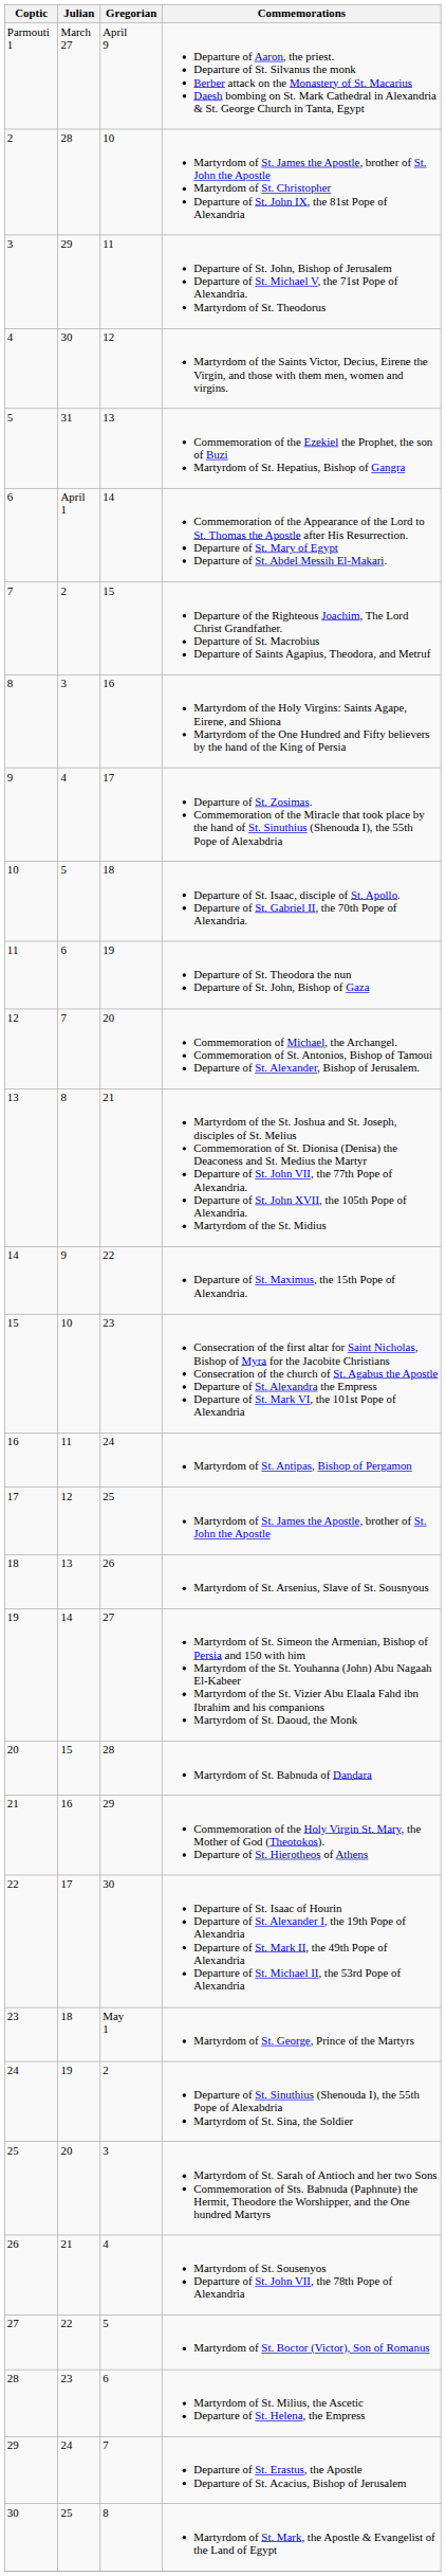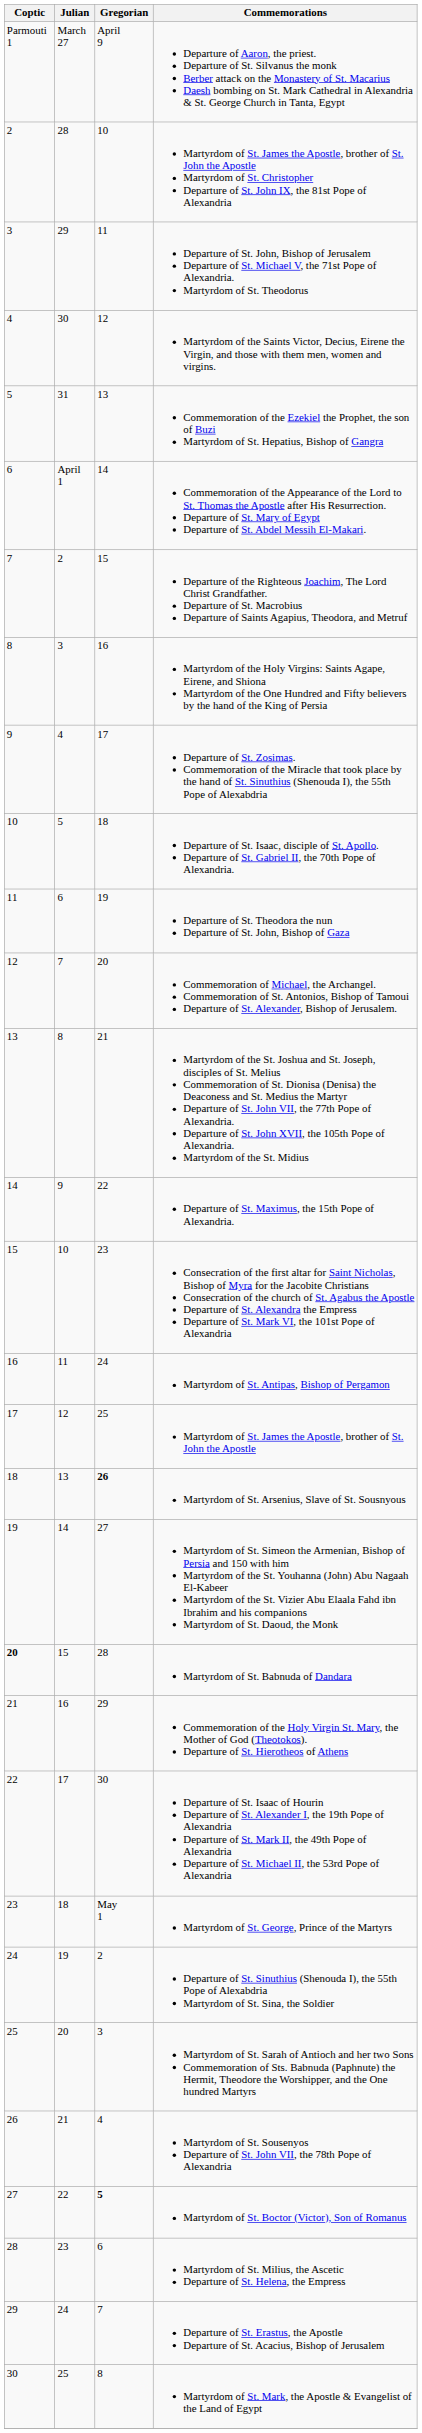 <table class="wikitable">
 <tr>
 <th style="width:5%;">Coptic</th>
 <th style="width:5%;">Julian</th>
 <th style="width:5%;">Gregorian</th>
 <th style="width:50%;">Commemorations</th>
 </tr>
 <tr valign="top">
 <td>Parmouti<br>1</td>
 <td>March<br>27</td>
 <td>April<br>9</td>
 <td><br><ul><li>Departure of <a href='#'>Aaron</a>, the priest.</li><li>Departure of St. Silvanus the monk</li><li><a href='#'>Berber</a> attack on the <a href='#'>Monastery of St. Macarius</a></li><li><a href='#'>Daesh</a> bombing on St. Mark Cathedral in Alexandria & St. George Church in Tanta, Egypt</li></ul></td>
 </tr>
 <tr valign="top">
 <td>2</td>
 <td>28</td>
 <td>10</td>
 <td><br><ul><li>Martyrdom of <a href='#'>St. James the Apostle</a>, brother of <a href='#'>St. John the Apostle</a></li><li>Martyrdom of <a href='#'>St. Christopher</a></li><li>Departure of <a href='#'>St. John IX</a>, the 81st Pope of Alexandria</li></ul></td>
 </tr>
 <tr valign="top">
 <td>3</td>
 <td>29</td>
 <td>11</td>
 <td><br><ul><li>Departure of St. John, Bishop of Jerusalem</li><li>Departure of <a href='#'>St. Michael V</a>, the 71st Pope of Alexandria.</li><li>Martyrdom of St. Theodorus</li></ul></td>
 </tr>
 <tr valign="top">
 <td>4</td>
 <td>30</td>
 <td>12</td>
 <td><br><ul><li>Martyrdom of the Saints Victor, Decius, Eirene the Virgin, and those with them men, women and virgins.</li></ul></td>
 </tr>
 <tr valign="top">
 <td>5</td>
 <td>31</td>
 <td>13</td>
 <td><br><ul><li>Commemoration of the <a href='#'>Ezekiel</a> the Prophet, the son of <a href='#'>Buzi</a></li><li>Martyrdom of St. Hepatius, Bishop of <a href='#'>Gangra</a></li></ul></td>
 </tr>
 <tr valign="top">
 <td>6</td>
 <td>April<br>1</td>
 <td>14</td>
 <td><br><ul><li>Commemoration of the Appearance of the Lord to <a href='#'>St. Thomas the Apostle</a> after His Resurrection.</li><li>Departure of <a href='#'>St. Mary of Egypt</a></li><li>Departure of <a href='#'>St. Abdel Messih El-Makari</a>.</li></ul></td>
 </tr>
 <tr valign="top">
 <td>7</td>
 <td>2</td>
 <td>15</td>
 <td><br><ul><li>Departure of the Righteous <a href='#'>Joachim</a>, The Lord Christ Grandfather.</li><li>Departure of St. Macrobius</li><li>Departure of Saints Agapius, Theodora, and Metruf</li></ul></td>
 </tr>
 <tr valign="top">
 <td>8</td>
 <td>3</td>
 <td>16</td>
 <td><br><ul><li>Martyrdom of the Holy Virgins: Saints Agape, Eirene, and Shiona</li><li>Martyrdom of the One Hundred and Fifty believers by the hand of the King of Persia</li></ul></td>
 </tr>
 <tr valign="top">
 <td>9</td>
 <td>4</td>
 <td>17</td>
 <td><br><ul><li>Departure of <a href='#'>St. Zosimas</a>.</li><li>Commemoration of the Miracle that took place by the hand of <a href='#'>St. Sinuthius</a> (Shenouda I), the 55th Pope of Alexabdria</li></ul></td>
 </tr>
 <tr valign="top">
 <td>10</td>
 <td>5</td>
 <td>18</td>
 <td><br><ul><li>Departure of St. Isaac, disciple of <a href='#'>St. Apollo</a>.</li><li>Departure of <a href='#'>St. Gabriel II</a>, the 70th Pope of Alexandria.</li></ul></td>
 </tr>
 <tr valign="top">
 <td>11</td>
 <td>6</td>
 <td>19</td>
 <td><br><ul><li>Departure of St. Theodora the nun</li><li>Departure of St. John, Bishop of <a href='#'>Gaza</a></li></ul></td>
 </tr>
 <tr valign="top">
 <td>12</td>
 <td>7</td>
 <td>20</td>
 <td><br><ul><li>Commemoration of <a href='#'>Michael</a>, the Archangel.</li><li>Commemoration of St. Antonios, Bishop of Tamoui</li><li>Departure of <a href='#'>St. Alexander</a>, Bishop of Jerusalem.</li></ul></td>
 </tr>
 <tr valign="top">
 <td>13</td>
 <td>8</td>
 <td>21</td>
 <td><br><ul><li>Martyrdom of the St. Joshua and St. Joseph, disciples of St. Melius</li><li>Commemoration of St. Dionisa (Denisa) the Deaconess and St. Medius the Martyr</li><li>Departure of <a href='#'>St. John VII</a>, the 77th Pope of Alexandria.</li><li>Departure of <a href='#'>St. John XVII</a>, the 105th Pope of Alexandria.</li><li>Martyrdom of the St. Midius</li></ul></td>
 </tr>
 <tr valign="top">
 <td>14</td>
 <td>9</td>
 <td>22</td>
 <td><br><ul><li>Departure of <a href='#'>St. Maximus</a>, the 15th Pope of Alexandria.</li></ul></td>
 </tr>
 <tr valign="top">
 <td>15</td>
 <td>10</td>
 <td>23</td>
 <td><br><ul><li>Consecration of the first altar for <a href='#'>Saint Nicholas</a>, Bishop of <a href='#'>Myra</a> for the Jacobite Christians</li><li>Consecration of the church of <a href='#'>St. Agabus the Apostle</a></li><li>Departure of <a href='#'>St. Alexandra</a> the Empress</li><li>Departure of <a href='#'>St. Mark VI</a>, the 101st Pope of Alexandria</li></ul></td>
 </tr>
 <tr valign="top">
 <td>16</td>
 <td>11</td>
 <td>24</td>
 <td><br><ul><li>Martyrdom of <a href='#'>St. Antipas</a>, <a href='#'>Bishop of Pergamon</a></li></ul></td>
 </tr>
 <tr valign="top">
 <td>17</td>
 <td>12</td>
 <td>25</td>
 <td><br><ul><li>Martyrdom of <a href='#'>St. James the Apostle</a>, brother of <a href='#'>St. John the Apostle</a></li></ul></td>
 </tr>
 <tr valign="top">
 <td>18</td>
 <td>13</td>
-<td>26</td>
+<td><strong>26</strong></td>
 <td><br><ul><li>Martyrdom of St. Arsenius, Slave of St. Sousnyous</li></ul></td>
 </tr>
 <tr valign="top">
 <td>19</td>
 <td>14</td>
 <td>27</td>
 <td><br><ul><li>Martyrdom of St. Simeon the Armenian, Bishop of <a href='#'>Persia</a> and 150 with him</li><li>Martyrdom of the St. Youhanna (John) Abu Nagaah El-Kabeer</li><li>Martyrdom of the St. Vizier Abu Elaala Fahd ibn Ibrahim and his companions</li><li>Martyrdom of St. Daoud, the Monk</li></ul></td>
 </tr>
 <tr valign="top">
-<td>20</td>
+<td><strong>20</strong></td>
 <td>15</td>
 <td>28</td>
 <td><br><ul><li>Martyrdom of St. Babnuda of <a href='#'>Dandara</a></li></ul></td>
 </tr>
 <tr valign="top">
 <td>21</td>
 <td>16</td>
 <td>29</td>
 <td><br><ul><li>Commemoration of the <a href='#'>Holy Virgin St. Mary</a>, the Mother of God (<a href='#'>Theotokos</a>).</li><li>Departure of <a href='#'>St. Hierotheos</a> of <a href='#'>Athens</a></li></ul></td>
 </tr>
 <tr valign="top">
 <td>22</td>
 <td>17</td>
 <td>30</td>
 <td><br><ul><li>Departure of St. Isaac of Hourin</li><li>Departure of <a href='#'>St. Alexander I</a>, the 19th Pope of Alexandria</li><li>Departure of <a href='#'>St. Mark II</a>, the 49th Pope of Alexandria</li><li>Departure of <a href='#'>St. Michael II</a>, the 53rd Pope of Alexandria</li></ul></td>
 </tr>
 <tr valign="top">
 <td>23</td>
 <td>18</td>
 <td>May<br>1</td>
 <td><br><ul><li>Martyrdom of <a href='#'>St. George</a>, Prince of the Martyrs</li></ul></td>
 </tr>
 <tr valign="top">
 <td>24</td>
 <td>19</td>
 <td>2</td>
 <td><br><ul><li>Departure of <a href='#'>St. Sinuthius</a> (Shenouda I), the 55th Pope of Alexabdria</li><li>Martyrdom of St. Sina, the Soldier</li></ul></td>
 </tr>
 <tr valign="top">
 <td>25</td>
 <td>20</td>
 <td>3</td>
 <td><br><ul><li>Martyrdom of St. Sarah of Antioch and her two Sons</li><li>Commemoration of Sts. Babnuda (Paphnute) the Hermit, Theodore the Worshipper, and the One hundred Martyrs</li></ul></td>
 </tr>
 <tr valign="top">
 <td>26</td>
 <td>21</td>
 <td>4</td>
 <td><br><ul><li>Martyrdom of St. Sousenyos</li><li>Departure of <a href='#'>St. John VII</a>, the 78th Pope of Alexandria</li></ul></td>
 </tr>
 <tr valign="top">
 <td>27</td>
 <td>22</td>
-<td>5</td>
+<td><strong>5</strong></td>
 <td><br><ul><li>Martyrdom of <a href='#'>St. Boctor (Victor), Son of Romanus</a></li></ul></td>
 </tr>
 <tr valign="top">
 <td>28</td>
 <td>23</td>
 <td>6</td>
 <td><br><ul><li>Martyrdom of St. Milius, the Ascetic</li><li>Departure of <a href='#'>St. Helena</a>, the Empress</li></ul></td>
 </tr>
 <tr valign="top">
 <td>29</td>
 <td>24</td>
 <td>7</td>
 <td><br><ul><li>Departure of <a href='#'>St. Erastus</a>, the Apostle</li><li>Departure of St. Acacius, Bishop of Jerusalem</li></ul></td>
 </tr>
 <tr valign="top">
 <td>30</td>
 <td>25</td>
 <td>8</td>
 <td><br><ul><li>Martyrdom of <a href='#'>St. Mark</a>, the Apostle & Evangelist of the Land of Egypt</li></ul></td>
 </tr>
 <tr valign="top">
 </tr>
 </table>
